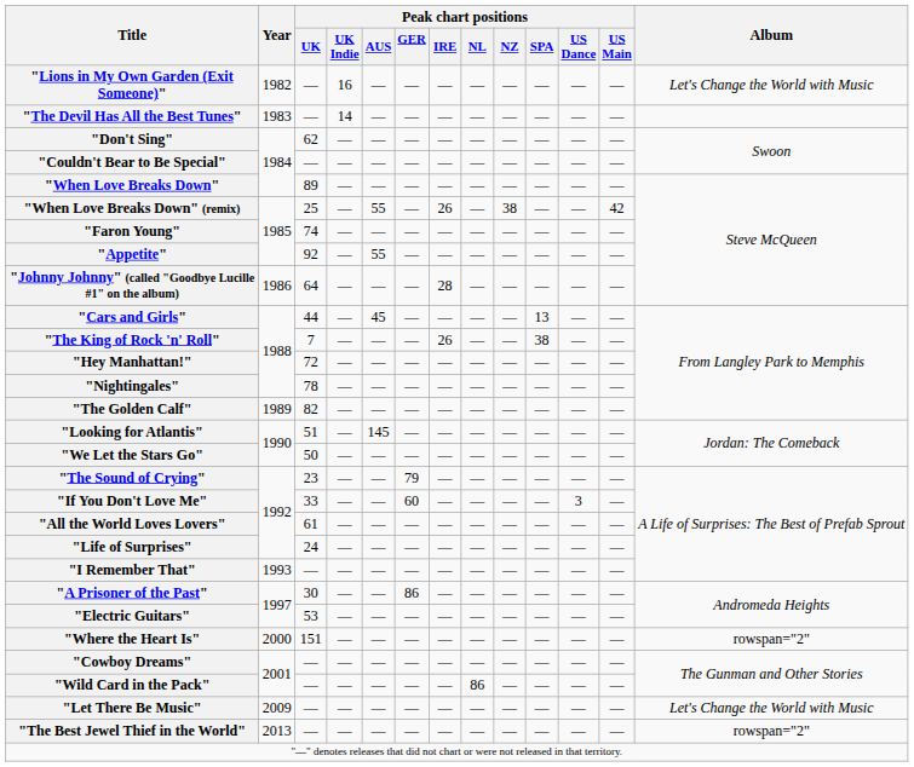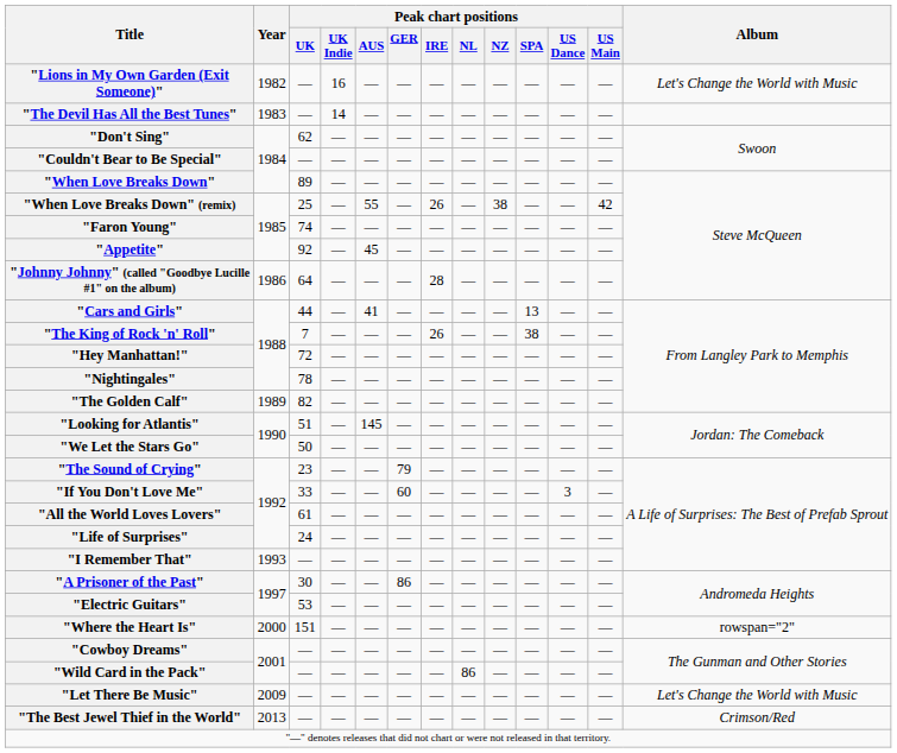 <table class="wikitable plainrowheaders" style="text-align:center;">
 <tr>
 <th rowspan="2" scope="col" style="width:17em;">Title</th>
 <th rowspan="2" scope="col" style="width:2em;">Year</th>
 <th colspan="10">Peak chart positions</th>
 <th rowspan="2">Album</th>
 </tr>
 <tr>
 <th scope="col" style="width:2em;font-size:90%;"><a href='#'>UK</a><br></th>
 <th scope="col" style="width:2em;font-size:90%;"><a href='#'>UK Indie</a><br></th>
 <th scope="col" style="width:2em;font-size:90%;"><a href='#'>AUS</a><br></th>
 <th scope="col" style="width:2em;font-size:90%;"><a href='#'>GER</a><br><br></th>
 <th scope="col" style="width:2em;font-size:90%;"><a href='#'>IRE</a><br></th>
 <th scope="col" style="width:2em;font-size:90%;"><a href='#'>NL</a><br></th>
 <th scope="col" style="width:2em;font-size:90%;"><a href='#'>NZ</a><br></th>
 <th scope="col" style="width:2em;font-size:90%;"><a href='#'>SPA</a><br></th>
 <th scope="col" style="width:2em;font-size:90%;"><a href='#'>US Dance</a><br></th>
 <th scope="col" style="width:2em;font-size:90%;"><a href='#'>US Main</a><br></th>
 </tr>
 <tr>
 <th scope="row">"<a href='#'>Lions in My Own Garden (Exit Someone)</a>"</th>
 <td>1982</td>
 <td>—</td>
 <td>16</td>
 <td>—</td>
 <td>—</td>
 <td>—</td>
 <td>—</td>
 <td>—</td>
 <td>—</td>
 <td>—</td>
 <td>—</td>
 <td><em>Let's Change the World with Music</em></td>
 </tr>
 <tr>
 <th scope="row">"<a href='#'>The Devil Has All the Best Tunes</a>"</th>
 <td>1983</td>
 <td>—</td>
 <td>14</td>
 <td>—</td>
 <td>—</td>
 <td>—</td>
 <td>—</td>
 <td>—</td>
 <td>—</td>
 <td>—</td>
 <td>—</td>
 </tr>
 <tr>
 <th scope="row">"Don't Sing"</th>
 <td rowspan="3">1984</td>
 <td>62</td>
 <td>—</td>
 <td>—</td>
 <td>—</td>
 <td>—</td>
 <td>—</td>
 <td>—</td>
 <td>—</td>
 <td>—</td>
 <td>—</td>
 <td rowspan="2"><em>Swoon</em></td>
 </tr>
 <tr>
 <th scope="row">"Couldn't Bear to Be Special"</th>
 <td>—</td>
 <td>—</td>
 <td>—</td>
 <td>—</td>
 <td>—</td>
 <td>—</td>
 <td>—</td>
 <td>—</td>
 <td>—</td>
 <td>—</td>
 </tr>
 <tr>
 <th scope="row">"<a href='#'>When Love Breaks Down</a>"</th>
 <td>89</td>
 <td>—</td>
 <td>—</td>
 <td>—</td>
 <td>—</td>
 <td>—</td>
 <td>—</td>
 <td>—</td>
 <td>—</td>
 <td>—</td>
 <td rowspan="5"><em>Steve McQueen</em></td>
 </tr>
 <tr>
 <th scope="row">"When Love Breaks Down" <small>(remix)</small></th>
 <td rowspan="3">1985</td>
 <td>25</td>
 <td>—</td>
 <td>55</td>
 <td>—</td>
 <td>26</td>
 <td>—</td>
 <td>38</td>
 <td>—</td>
 <td>—</td>
 <td>42</td>
 </tr>
 <tr>
 <th scope="row">"Faron Young"</th>
 <td>74</td>
 <td>—</td>
 <td>—</td>
 <td>—</td>
 <td>—</td>
 <td>—</td>
 <td>—</td>
 <td>—</td>
 <td>—</td>
 <td>—</td>
 </tr>
 <tr>
 <th scope="row">"<a href='#'>Appetite</a>"</th>
 <td>92</td>
 <td>—</td>
-<td>55</td>
+<td>45</td>
 <td>—</td>
 <td>—</td>
 <td>—</td>
 <td>—</td>
 <td>—</td>
 <td>—</td>
 <td>—</td>
 </tr>
 <tr>
 <th scope="row">"<a href='#'>Johnny Johnny</a>" <small>(called "Goodbye Lucille #1" on the album)</small></th>
 <td>1986</td>
 <td>64</td>
 <td>—</td>
 <td>—</td>
 <td>—</td>
 <td>28</td>
 <td>—</td>
 <td>—</td>
 <td>—</td>
 <td>—</td>
 <td>—</td>
 </tr>
 <tr>
 <th scope="row">"<a href='#'>Cars and Girls</a>"</th>
 <td rowspan="4">1988</td>
 <td>44</td>
 <td>—</td>
-<td>45</td>
+<td>41</td>
 <td>—</td>
 <td>—</td>
 <td>—</td>
 <td>—</td>
 <td>13</td>
 <td>—</td>
 <td>—</td>
 <td rowspan="5"><em>From Langley Park to Memphis</em></td>
 </tr>
 <tr>
 <th scope="row">"<a href='#'>The King of Rock 'n' Roll</a>"</th>
 <td>7</td>
 <td>—</td>
 <td>—</td>
 <td>—</td>
 <td>26</td>
 <td>—</td>
 <td>—</td>
 <td>38</td>
 <td>—</td>
 <td>—</td>
 </tr>
 <tr>
 <th scope="row">"Hey Manhattan!"</th>
 <td>72</td>
 <td>—</td>
 <td>—</td>
 <td>—</td>
 <td>—</td>
 <td>—</td>
 <td>—</td>
 <td>—</td>
 <td>—</td>
 <td>—</td>
 </tr>
 <tr>
 <th scope="row">"Nightingales"</th>
 <td>78</td>
 <td>—</td>
 <td>—</td>
 <td>—</td>
 <td>—</td>
 <td>—</td>
 <td>—</td>
 <td>—</td>
 <td>—</td>
 <td>—</td>
 </tr>
 <tr>
 <th scope="row">"The Golden Calf"</th>
 <td>1989</td>
 <td>82</td>
 <td>—</td>
 <td>—</td>
 <td>—</td>
 <td>—</td>
 <td>—</td>
 <td>—</td>
 <td>—</td>
 <td>—</td>
 <td>—</td>
 </tr>
 <tr>
 <th scope="row">"Looking for Atlantis"</th>
 <td rowspan="2">1990</td>
 <td>51</td>
 <td>—</td>
 <td>145</td>
 <td>—</td>
 <td>—</td>
 <td>—</td>
 <td>—</td>
 <td>—</td>
 <td>—</td>
 <td>—</td>
 <td rowspan="2"><em>Jordan: The Comeback</em></td>
 </tr>
 <tr>
 <th scope="row">"We Let the Stars Go"</th>
 <td>50</td>
 <td>—</td>
 <td>—</td>
 <td>—</td>
 <td>—</td>
 <td>—</td>
 <td>—</td>
 <td>—</td>
 <td>—</td>
 <td>—</td>
 </tr>
 <tr>
 <th scope="row">"<a href='#'>The Sound of Crying</a>"</th>
 <td rowspan="4">1992</td>
 <td>23</td>
 <td>—</td>
 <td>—</td>
 <td>79</td>
 <td>—</td>
 <td>—</td>
 <td>—</td>
 <td>—</td>
 <td>—</td>
 <td>—</td>
 <td rowspan="5"><em>A Life of Surprises: The Best of Prefab Sprout</em></td>
 </tr>
 <tr>
 <th scope="row">"If You Don't Love Me"</th>
 <td>33</td>
 <td>—</td>
 <td>—</td>
 <td>60</td>
 <td>—</td>
 <td>—</td>
 <td>—</td>
 <td>—</td>
 <td>3</td>
 <td>—</td>
 </tr>
 <tr>
 <th scope="row">"All the World Loves Lovers"</th>
 <td>61</td>
 <td>—</td>
 <td>—</td>
 <td>—</td>
 <td>—</td>
 <td>—</td>
 <td>—</td>
 <td>—</td>
 <td>—</td>
 <td>—</td>
 </tr>
 <tr>
 <th scope="row">"Life of Surprises"</th>
 <td>24</td>
 <td>—</td>
 <td>—</td>
 <td>—</td>
 <td>—</td>
 <td>—</td>
 <td>—</td>
 <td>—</td>
 <td>—</td>
 <td>—</td>
 </tr>
 <tr>
 <th scope="row">"I Remember That"</th>
 <td>1993</td>
 <td>—</td>
 <td>—</td>
 <td>—</td>
 <td>—</td>
 <td>—</td>
 <td>—</td>
 <td>—</td>
 <td>—</td>
 <td>—</td>
 <td>—</td>
 </tr>
 <tr>
 <th scope="row">"<a href='#'>A Prisoner of the Past</a>"</th>
 <td rowspan="2">1997</td>
 <td>30</td>
 <td>—</td>
 <td>—</td>
 <td>86</td>
 <td>—</td>
 <td>—</td>
 <td>—</td>
 <td>—</td>
 <td>—</td>
 <td>—</td>
 <td rowspan="2"><em>Andromeda Heights</em></td>
 </tr>
 <tr>
 <th scope="row">"Electric Guitars"</th>
 <td>53</td>
 <td>—</td>
 <td>—</td>
 <td>—</td>
 <td>—</td>
 <td>—</td>
 <td>—</td>
 <td>—</td>
 <td>—</td>
 <td>—</td>
 </tr>
 <tr>
 <th scope="row">"Where the Heart Is"</th>
 <td>2000</td>
 <td>151</td>
 <td>—</td>
 <td>—</td>
 <td>—</td>
 <td>—</td>
 <td>—</td>
 <td>—</td>
 <td>—</td>
 <td>—</td>
 <td>—</td>
 <td>rowspan="2" </td>
 </tr>
 <tr>
 <th scope="row">"Cowboy Dreams"</th>
 <td rowspan="2">2001</td>
 <td>—</td>
 <td>—</td>
 <td>—</td>
 <td>—</td>
 <td>—</td>
 <td>—</td>
 <td>—</td>
 <td>—</td>
 <td>—</td>
 <td>—</td>
 <td rowspan="2"><em>The Gunman and Other Stories</em></td>
 </tr>
 <tr>
 <th scope="row">"Wild Card in the Pack"</th>
 <td>—</td>
 <td>—</td>
 <td>—</td>
 <td>—</td>
 <td>—</td>
 <td>86</td>
 <td>—</td>
 <td>—</td>
 <td>—</td>
 <td>—</td>
 </tr>
 <tr>
 <th scope="row">"Let There Be Music"</th>
 <td>2009</td>
 <td>—</td>
 <td>—</td>
 <td>—</td>
 <td>—</td>
 <td>—</td>
 <td>—</td>
 <td>—</td>
 <td>—</td>
 <td>—</td>
 <td>—</td>
 <td><em>Let's Change the World with Music</em></td>
 </tr>
 <tr>
 <th scope="row">"The Best Jewel Thief in the World"</th>
 <td>2013</td>
 <td>—</td>
 <td>—</td>
 <td>—</td>
 <td>—</td>
 <td>—</td>
 <td>—</td>
 <td>—</td>
 <td>—</td>
 <td>—</td>
 <td>—</td>
-<td>rowspan="2" </td>
+<td><em>Crimson/Red</em></td>
 </tr>
 <tr>
 <td colspan="13" style="font-size:9pt">"—" denotes releases that did not chart or were not released in that territory.</td>
 </tr>
 </table>
